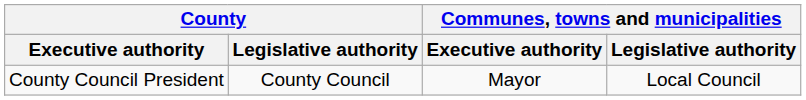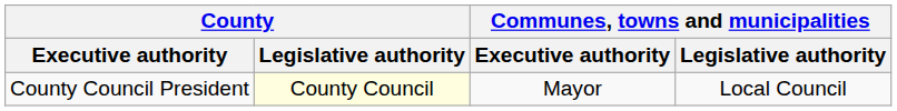 <table class="wikitable">
 <tr>
 <th colspan="2"><a href='#'>County</a></th>
 <th colspan="2"><a href='#'>Communes</a>, <a href='#'>towns</a> and <a href='#'>municipalities</a></th>
 </tr>
 <tr>
 <th>Executive authority</th>
 <th>Legislative authority</th>
 <th>Executive authority</th>
 <th>Legislative authority</th>
 </tr>
 <tr>
 <td style="text-align: center;">County Council President</td>
-<td style="text-align: center;">County Council</td>
+<td style="background: lightyellow; text-align: center;">County Council</td>
 <td style="text-align: center;">Mayor</td>
 <td style="text-align: center;">Local Council</td>
 </tr>
 </table>
